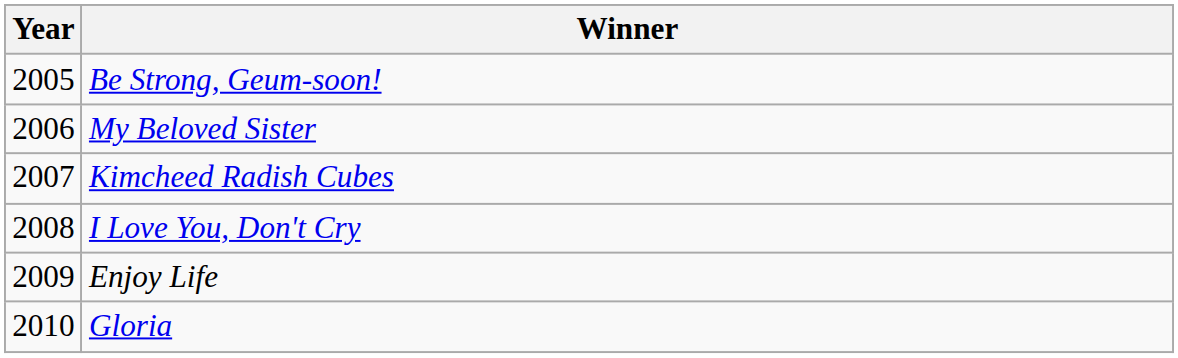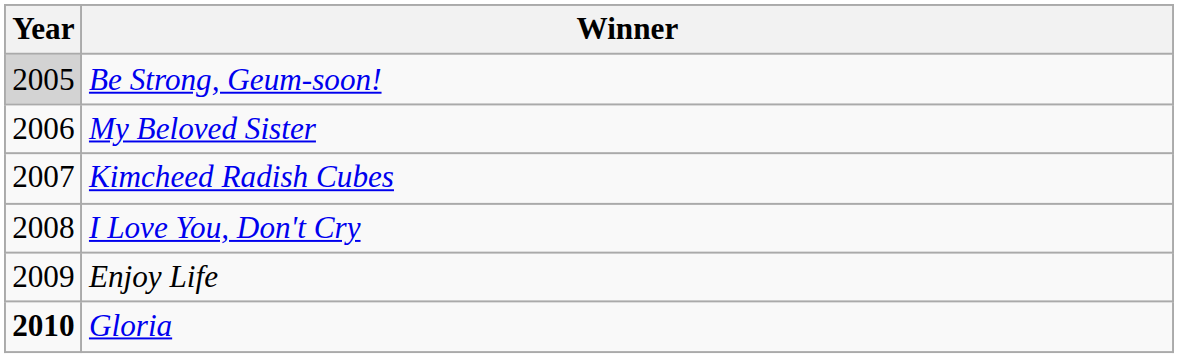 <table class="wikitable" style="width:600px">
 <tr>
 <th width=10>Year</th>
 <th>Winner</th>
 </tr>
 <tr>
-<td>2005</td>
+<td style="background: lightgrey;">2005</td>
 <td><em><a href='#'>Be Strong, Geum-soon!</a></em></td>
 </tr>
 <tr>
 <td>2006</td>
 <td><em><a href='#'>My Beloved Sister</a></em></td>
 </tr>
 <tr>
 <td>2007</td>
 <td><em><a href='#'>Kimcheed Radish Cubes</a></em></td>
 </tr>
 <tr>
 <td>2008</td>
 <td><em><a href='#'>I Love You, Don't Cry</a></em></td>
 </tr>
 <tr>
 <td>2009</td>
 <td><em>Enjoy Life</em></td>
 </tr>
 <tr>
-<td>2010</td>
+<td><strong>2010</strong></td>
 <td><em><a href='#'>Gloria</a></em></td>
 </tr>
 </table>
